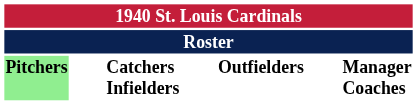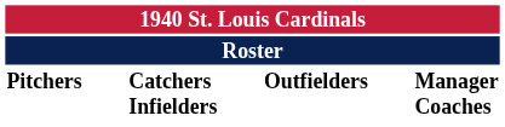 <table class="toccolours" style="font-size: 95%;">
 <tr>
 <th colspan="10" style="background-color: #c41e3a; color: white; text-align: center;">1940 St. Louis Cardinals</th>
 </tr>
 <tr>
 <td colspan="10" style="background-color: #0a2252; color: white; text-align: center;"><strong>Roster</strong></td>
 </tr>
 <tr>
-<td valign="top" style="background: lightgreen;"><strong>Pitchers</strong><br>               </td>
+<td valign="top"><strong>Pitchers</strong><br>               </td>
 <td width="25px"></td>
 <td valign="top"><strong>Catchers</strong><br>    <strong>Infielders</strong>        </td>
 <td width="25px"></td>
 <td valign="top"><strong>Outfielders</strong><br>         </td>
 <td width="25px"></td>
 <td valign="top"><strong>Manager</strong><br>   <strong>Coaches</strong>  </td>
 </tr>
 </table>
